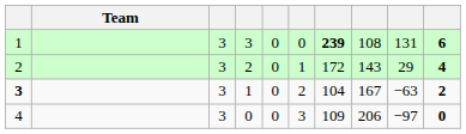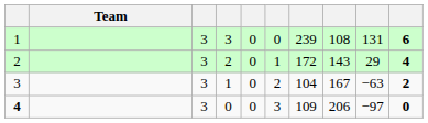 <table class=wikitable style=text-align:center>
 <tr>
 <th width=20 abbr=Position></th>
 <th width=175>Team</th>
 <th width=20 abbr=Played></th>
 <th width=20 abbr=Won></th>
 <th width=20 abbr=Drawn></th>
 <th width=20 abbr=Lost></th>
 <th width=30 abbr=Goal For></th>
 <th width=30 abbr=Goal Against></th>
 <th width=30 abbr=Goal Difference></th>
 <th width=30 abbr=Points></th>
 </tr>
 <tr bgcolor=#CCFFCC>
 <td>1 </td>
 <td align=left></td>
 <td>3</td>
 <td>3</td>
 <td>0</td>
 <td>0</td>
-<td><strong>239</strong></td>
+<td>239</td>
 <td>108</td>
 <td>131</td>
 <td><strong>6</strong></td>
 </tr>
 <tr bgcolor=#CCFFCC>
 <td>2 </td>
 <td align=left></td>
 <td>3</td>
 <td>2</td>
 <td>0</td>
 <td>1</td>
 <td>172</td>
 <td>143</td>
 <td>29</td>
 <td><strong>4</strong></td>
 </tr>
 <tr>
-<td><strong>3 </strong></td>
+<td>3 </td>
 <td align=left></td>
 <td>3</td>
 <td>1</td>
 <td>0</td>
 <td>2</td>
 <td>104</td>
 <td>167</td>
 <td>−63</td>
 <td><strong>2</strong></td>
 </tr>
 <tr>
-<td>4 </td>
+<td><strong>4 </strong></td>
 <td align=left></td>
 <td>3</td>
 <td>0</td>
 <td>0</td>
 <td>3</td>
 <td>109</td>
 <td>206</td>
 <td>−97</td>
 <td><strong>0</strong></td>
 </tr>
 </table>
